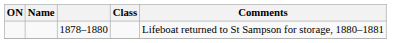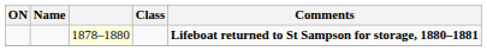 <table class="wikitable">
 <tr>
 <th>ON</th>
 <th>Name</th>
 <th></th>
 <th>Class</th>
 <th>Comments</th>
 </tr>
 <tr>
 <td></td>
 <td></td>
-<td>1878–1880</td>
+<td style="background: lightyellow;">1878–1880</td>
 <td></td>
-<td>Lifeboat returned to St Sampson for storage, 1880–1881</td>
+<td><strong>Lifeboat returned to St Sampson for storage, 1880–1881</strong></td>
 </tr>
 <tr>
 </tr>
 </table>
